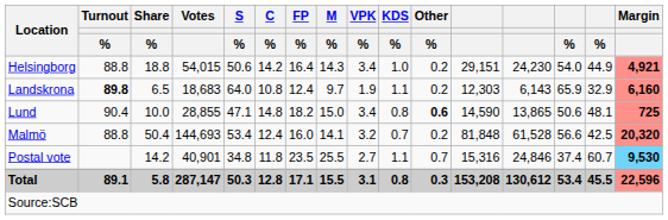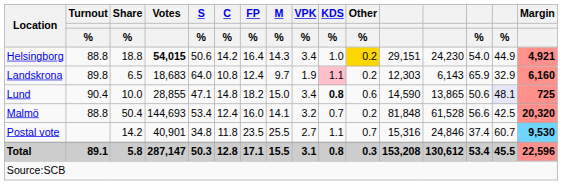 <table class="wikitable sortable" style="text-align:right; font-size:95%; line-height:20px;">
 <tr>
 <th rowspan="3">Location</th>
 <th>Turnout</th>
 <th>Share</th>
 <th>Votes</th>
 <th width="30px" class="unsortable"><a href='#'>S</a></th>
 <th width="30px" class="unsortable"><a href='#'>C</a></th>
 <th width="30px" class="unsortable"><a href='#'>FP</a></th>
 <th width="30px" class="unsortable"><a href='#'>M</a></th>
 <th width="30px" class="unsortable"><a href='#'>VPK</a></th>
 <th width="30px" class="unsortable"><a href='#'>KDS</a></th>
 <th width="30px" class="unsortable">Other</th>
 <th></th>
 <th></th>
 <th></th>
 <th></th>
 <th>Margin</th>
 </tr>
 <tr>
 <th></th>
 <th></th>
 <th></th>
 <th style="background:"></th>
 <th style="background:"></th>
 <th style="background:"></th>
 <th style="background:"></th>
 <th style="background:"></th>
 <th style="background:"></th>
 <th style="background:"></th>
 <th style="background:"></th>
 <th style="background:"></th>
 <th style="background:"></th>
 <th style="background:"></th>
 <th></th>
 </tr>
 <tr>
 <th data-sort-type="number">%</th>
 <th data-sort-type="number">%</th>
 <th></th>
 <th data-sort-type="number">%</th>
 <th data-sort-type="number">%</th>
 <th data-sort-type="number">%</th>
 <th data-sort-type="number">%</th>
 <th data-sort-type="number">%</th>
 <th data-sort-type="number">%</th>
 <th data-sort-type="number">%</th>
 <th data-sort-type="number"></th>
 <th data-sort-type="number"></th>
 <th data-sort-type="number">%</th>
 <th data-sort-type="number">%</th>
 <th data-sort-type="number"></th>
 </tr>
 <tr>
 <td align=left><a href='#'>Helsingborg</a></td>
 <td>88.8</td>
 <td>18.8</td>
-<td>54,015</td>
+<td><strong>54,015</strong></td>
 <td>50.6</td>
 <td>14.2</td>
 <td>16.4</td>
 <td>14.3</td>
 <td>3.4</td>
 <td>1.0</td>
-<td>0.2</td>
+<td style="background: gold;">0.2</td>
 <td>29,151</td>
 <td>24,230</td>
 <td>54.0</td>
 <td>44.9</td>
 <td bgcolor=#ff908c><strong>4,921</strong></td>
 </tr>
 <tr>
 <td align=left><a href='#'>Landskrona</a></td>
-<td><strong>89.8</strong></td>
+<td>89.8</td>
 <td>6.5</td>
 <td>18,683</td>
 <td>64.0</td>
 <td>10.8</td>
 <td>12.4</td>
 <td>9.7</td>
 <td>1.9</td>
-<td>1.1</td>
+<td style="background: pink;">1.1</td>
 <td>0.2</td>
 <td>12,303</td>
 <td>6,143</td>
 <td>65.9</td>
 <td>32.9</td>
 <td bgcolor=#ff908c><strong>6,160</strong></td>
 </tr>
 <tr>
 <td align=left><a href='#'>Lund</a></td>
 <td>90.4</td>
 <td>10.0</td>
 <td>28,855</td>
 <td>47.1</td>
 <td>14.8</td>
 <td>18.2</td>
 <td>15.0</td>
 <td>3.4</td>
-<td>0.8</td>
-<td><strong>0.6</strong></td>
+<td><strong>0.8</strong></td>
+<td>0.6</td>
 <td>14,590</td>
 <td>13,865</td>
 <td>50.6</td>
-<td>48.1</td>
+<td style="background: lavender;">48.1</td>
 <td bgcolor=#ff908c><strong>725</strong></td>
 </tr>
 <tr>
 <td align=left><a href='#'>Malmö</a></td>
 <td>88.8</td>
 <td>50.4</td>
 <td>144,693</td>
 <td>53.4</td>
 <td>12.4</td>
 <td>16.0</td>
 <td>14.1</td>
 <td>3.2</td>
 <td>0.7</td>
 <td>0.2</td>
 <td>81,848</td>
 <td>61,528</td>
 <td>56.6</td>
 <td>42.5</td>
 <td bgcolor=#ff908c><strong>20,320</strong></td>
 </tr>
 <tr>
 <td align=left><a href='#'>Postal vote</a></td>
 <td></td>
 <td>14.2</td>
 <td>40,901</td>
 <td>34.8</td>
 <td>11.8</td>
 <td>23.5</td>
 <td>25.5</td>
 <td>2.7</td>
 <td>1.1</td>
 <td>0.7</td>
 <td>15,316</td>
 <td>24,846</td>
 <td>37.4</td>
 <td>60.7</td>
 <td bgcolor=#6fd5fe><strong>9,530</strong></td>
 </tr>
 <tr>
 </tr>
 <tr style="background:#CDCDCD;">
 <td align=left><strong>Total</strong></td>
 <td><strong>89.1</strong></td>
 <td><strong>5.8</strong></td>
 <td><strong>287,147</strong></td>
 <td><strong>50.3</strong></td>
 <td><strong>12.8</strong></td>
 <td><strong>17.1</strong></td>
 <td><strong>15.5</strong></td>
 <td><strong>3.1</strong></td>
 <td><strong>0.8</strong></td>
 <td><strong>0.3</strong></td>
 <td><strong>153,208</strong></td>
 <td><strong>130,612</strong></td>
 <td><strong>53.4</strong></td>
 <td><strong>45.5</strong></td>
 <td bgcolor=#ff908c><strong>22,596</strong></td>
 </tr>
 <tr>
 <td align=left colspan=16>Source:SCB </td>
 </tr>
 </table>
